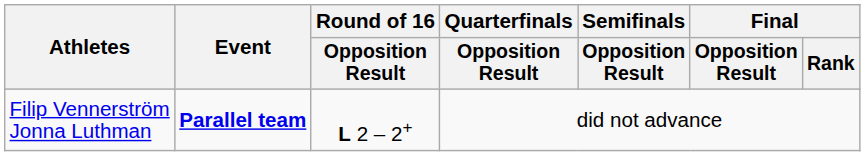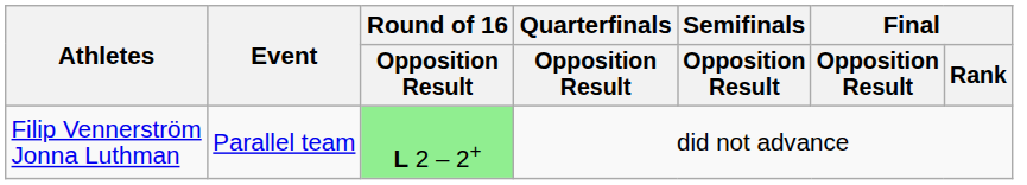 <table class="wikitable" style="font-size:90%">
 <tr>
 <th rowspan="2">Athletes</th>
 <th rowspan="2">Event</th>
 <th>Round of 16</th>
 <th>Quarterfinals</th>
 <th>Semifinals</th>
 <th colspan=2>Final</th>
 </tr>
 <tr style="font-size:95%">
 <th>Opposition<br>Result</th>
 <th>Opposition<br>Result</th>
 <th>Opposition<br>Result</th>
 <th>Opposition<br>Result</th>
 <th>Rank</th>
 </tr>
 <tr align=center>
 <td align=left><a href='#'>Filip Vennerström</a><br><a href='#'>Jonna Luthman</a></td>
-<td align=left><strong><a href='#'>Parallel team</a></strong></td>
-<td><br><strong>L</strong> 2 – 2<sup>+</sup></td>
+<td align=left><a href='#'>Parallel team</a></td>
+<td style="background: lightgreen;"><br><strong>L</strong> 2 – 2<sup>+</sup></td>
 <td colspan=4>did not advance</td>
 </tr>
 </table>
